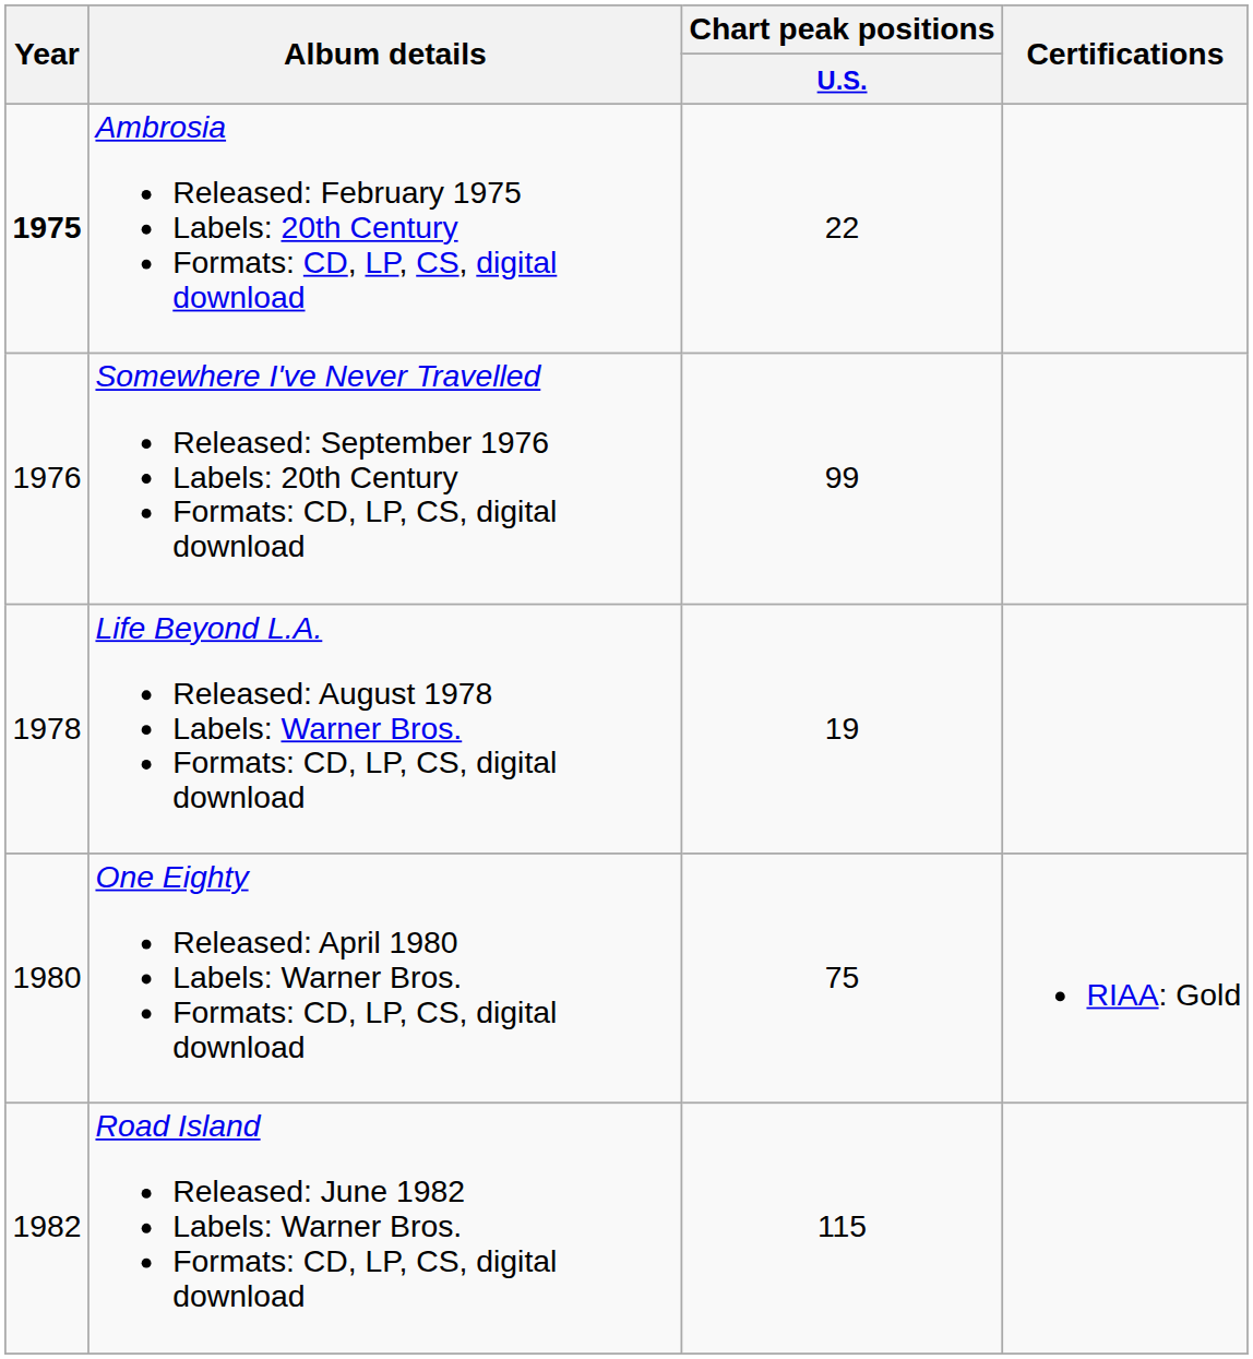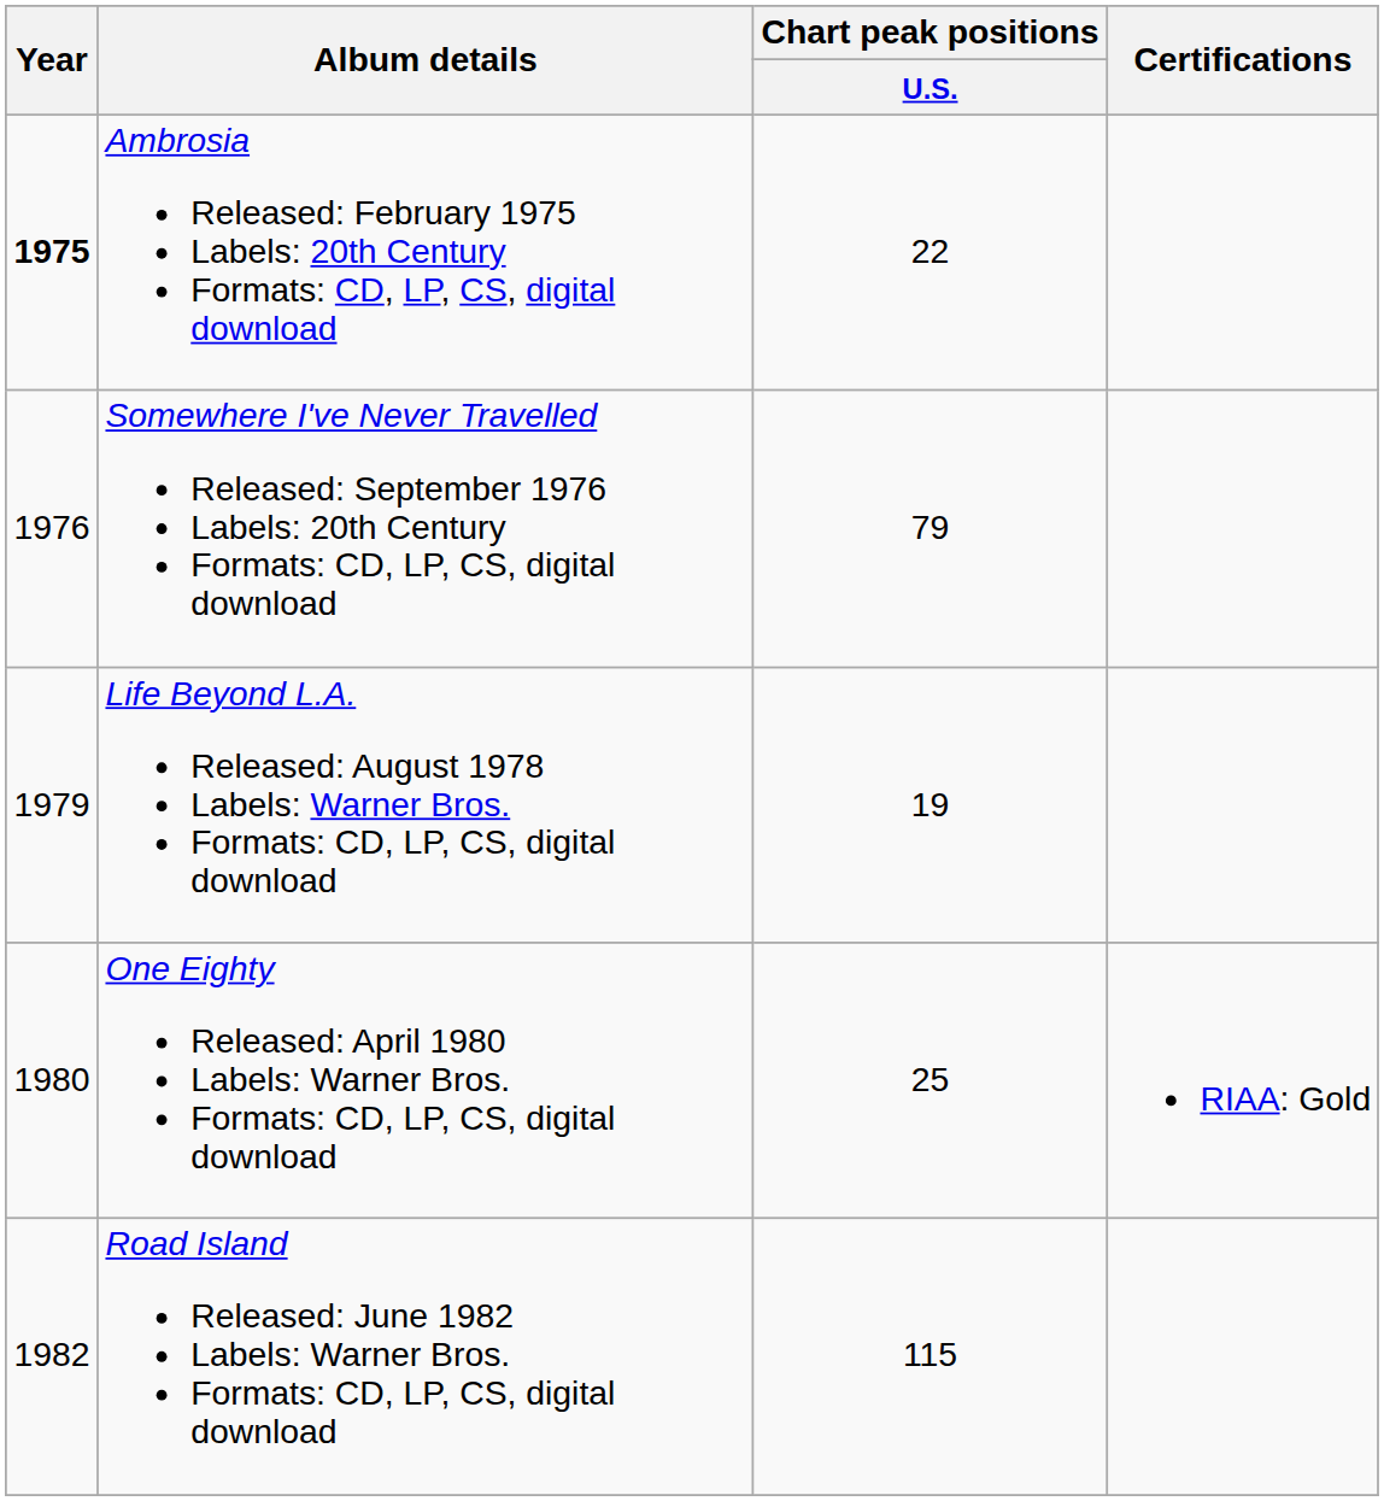 <table class="wikitable" border="1">
 <tr>
 <th rowspan="2">Year</th>
 <th rowspan="2" width="300">Album details</th>
 <th>Chart peak positions</th>
 <th rowspan="2">Certifications</th>
 </tr>
 <tr>
 <th><small><a href='#'>U.S.</a></small></th>
 </tr>
 <tr>
 <td><strong>1975</strong></td>
 <td><em><a href='#'>Ambrosia</a></em><br><ul><li>Released: February 1975</li><li>Labels: <a href='#'>20th Century</a></li><li>Formats: <a href='#'>CD</a>, <a href='#'>LP</a>, <a href='#'>CS</a>, <a href='#'>digital download</a></li></ul></td>
 <td align="center">22</td>
 <td></td>
 </tr>
 <tr>
 <td>1976</td>
 <td><em><a href='#'>Somewhere I've Never Travelled</a></em><br><ul><li>Released: September 1976</li><li>Labels: 20th Century</li><li>Formats: CD, LP, CS, digital download</li></ul></td>
-<td align="center">99</td>
+<td align="center">79</td>
 <td></td>
 </tr>
 <tr>
-<td>1978</td>
+<td>1979</td>
 <td><em><a href='#'>Life Beyond L.A.</a></em><br><ul><li>Released: August 1978</li><li>Labels: <a href='#'>Warner Bros.</a></li><li>Formats: CD, LP, CS, digital download</li></ul></td>
 <td align="center">19</td>
 <td></td>
 </tr>
 <tr>
 <td>1980</td>
 <td><em><a href='#'>One Eighty</a></em><br><ul><li>Released: April 1980</li><li>Labels: Warner Bros.</li><li>Formats: CD, LP, CS, digital download</li></ul></td>
-<td align="center">75</td>
+<td align="center">25</td>
 <td><br><ul><li><a href='#'>RIAA</a>: Gold</li></ul></td>
 </tr>
 <tr>
 <td>1982</td>
 <td><em><a href='#'>Road Island</a></em><br><ul><li>Released: June 1982</li><li>Labels: Warner Bros.</li><li>Formats: CD, LP, CS, digital download</li></ul></td>
 <td align="center">115</td>
 <td></td>
 </tr>
 <tr>
 </tr>
 </table>
